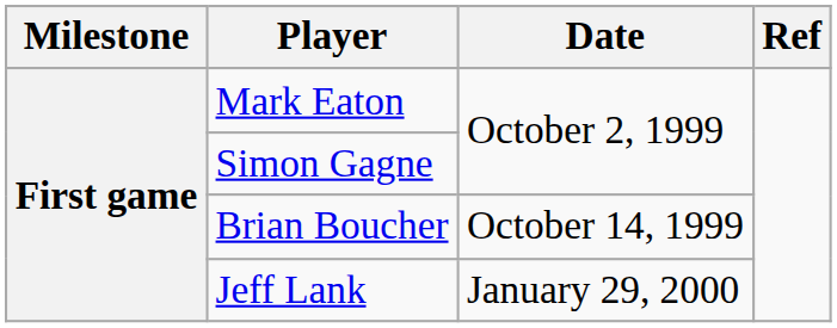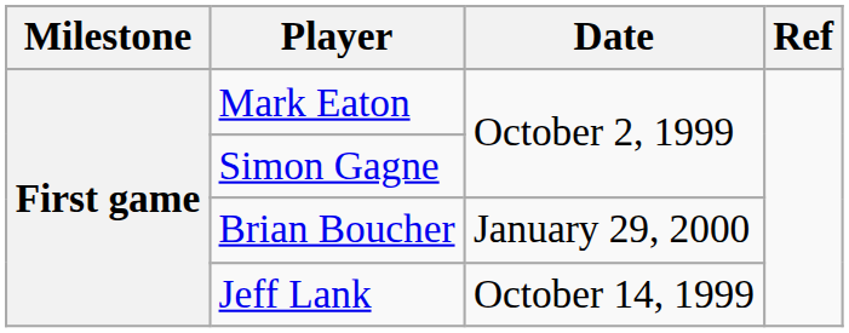 <table class="wikitable">
 <tr>
 <th scope="col">Milestone</th>
 <th scope="col">Player</th>
 <th scope="col">Date</th>
 <th scope="col">Ref</th>
 </tr>
 <tr>
 <th rowspan=4>First game</th>
 <td><a href='#'>Mark Eaton</a></td>
 <td rowspan=2>October 2, 1999</td>
 <td rowspan=4></td>
 </tr>
 <tr>
 <td><a href='#'>Simon Gagne</a></td>
 </tr>
 <tr>
 <td><a href='#'>Brian Boucher</a></td>
-<td>October 14, 1999</td>
+<td>January 29, 2000</td>
 </tr>
 <tr>
 <td><a href='#'>Jeff Lank</a></td>
-<td>January 29, 2000</td>
+<td>October 14, 1999</td>
 </tr>
 </table>
